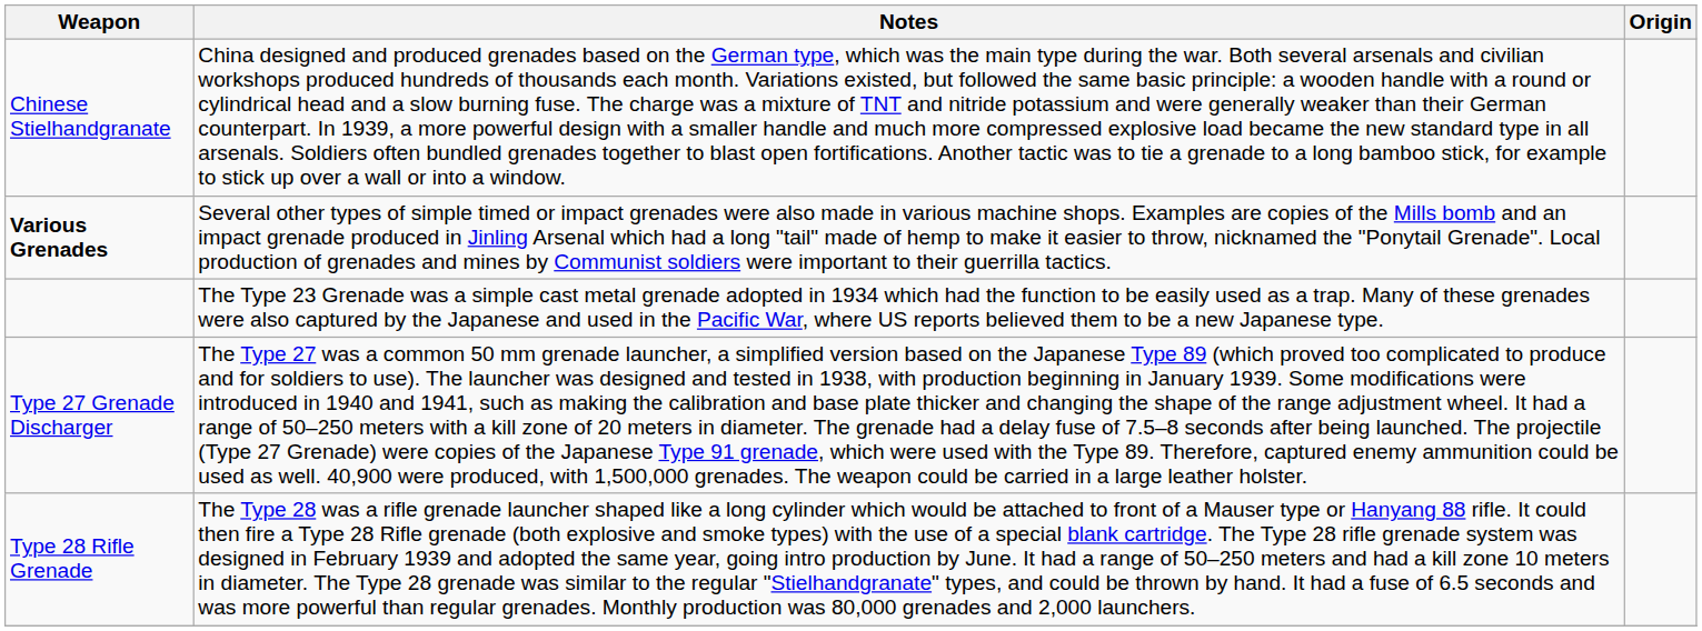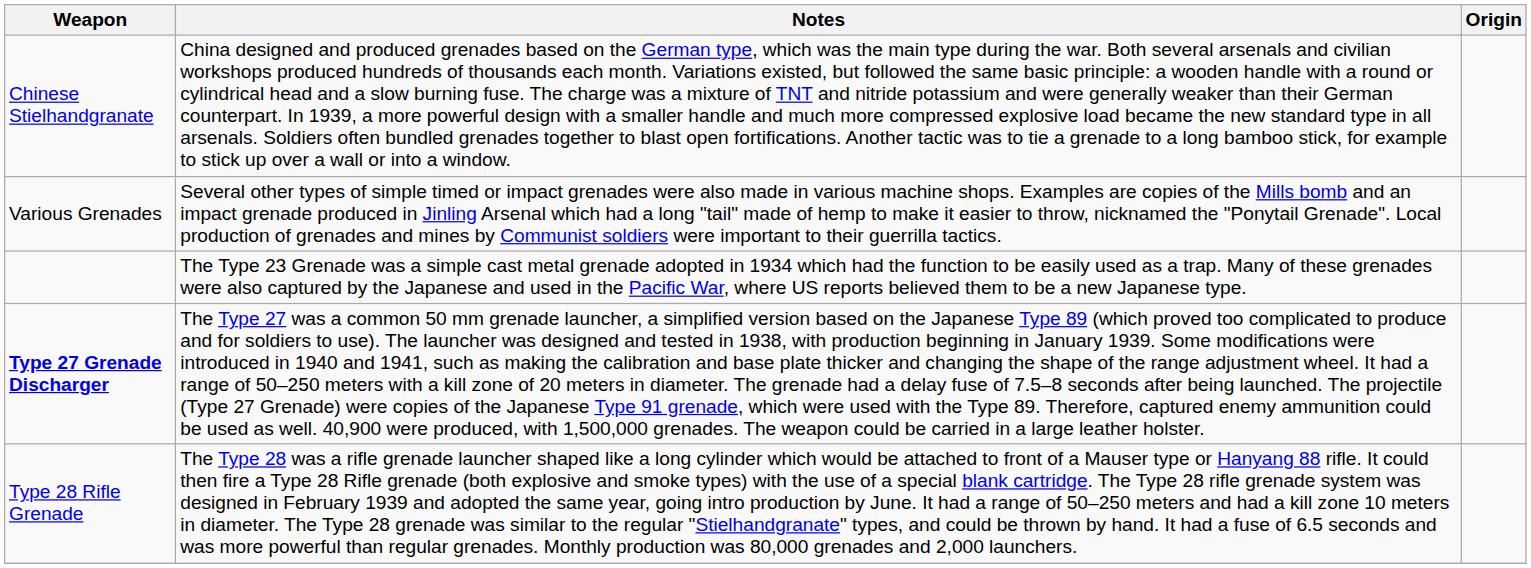 <table class="wikitable sortable" style="font-size:98%;">
 <tr>
 <th>Weapon</th>
 <th>Notes</th>
 <th>Origin</th>
 </tr>
 <tr>
 <td><a href='#'>Chinese Stielhandgranate</a></td>
 <td>China designed and produced grenades based on the <a href='#'>German type</a>, which was the main type during the war. Both several arsenals and civilian workshops produced hundreds of thousands each month. Variations existed, but followed the same basic principle: a wooden handle with a round or cylindrical head and a slow burning fuse. The charge was a mixture of <a href='#'>TNT</a> and nitride potassium and were generally weaker than their German counterpart. In 1939, a more powerful design with a smaller handle and much more compressed explosive load became the new standard type in all arsenals. Soldiers often bundled grenades together to blast open fortifications. Another tactic was to tie a grenade to a long bamboo stick, for example to stick up over a wall or into a window.</td>
 <td><br></td>
 </tr>
 <tr>
-<td><strong>Various Grenades</strong></td>
+<td>Various Grenades</td>
 <td>Several other types of simple timed or impact grenades were also made in various machine shops. Examples are copies of the <a href='#'>Mills bomb</a> and an impact grenade produced in <a href='#'>Jinling</a> Arsenal which had a long "tail" made of hemp to make it easier to throw, nicknamed the "Ponytail Grenade". Local production of grenades and mines by <a href='#'>Communist soldiers</a> were important to their guerrilla tactics.</td>
 <td></td>
 </tr>
 <tr>
 <td></td>
 <td>The Type 23 Grenade was a simple cast metal grenade adopted in 1934 which had the function to be easily used as a trap. Many of these grenades were also captured by the Japanese and used in the <a href='#'>Pacific War</a>, where US reports believed them to be a new Japanese type.</td>
 <td></td>
 </tr>
 <tr>
-<td><a href='#'>Type 27 Grenade Discharger</a></td>
+<td><strong><a href='#'>Type 27 Grenade Discharger</a></strong></td>
 <td>The <a href='#'>Type 27</a> was a common 50 mm grenade launcher, a simplified version based on the Japanese <a href='#'>Type 89</a> (which proved too complicated to produce and for soldiers to use). The launcher was designed and tested in 1938, with production beginning in January 1939. Some modifications were introduced in 1940 and 1941, such as making the calibration and base plate thicker and changing the shape of the range adjustment wheel. It had a range of 50–250 meters with a kill zone of 20 meters in diameter. The grenade had a delay fuse of 7.5–8 seconds after being launched. The projectile (Type 27 Grenade) were copies of the Japanese <a href='#'>Type 91 grenade</a>, which were used with the Type 89. Therefore, captured enemy ammunition could be used as well. 40,900 were produced, with 1,500,000 grenades. The weapon could be carried in a large leather holster.</td>
 <td><br></td>
 </tr>
 <tr>
 <td><a href='#'>Type 28 Rifle Grenade</a></td>
 <td>The <a href='#'>Type 28</a> was a rifle grenade launcher shaped like a long cylinder which would be attached to front of a Mauser type or <a href='#'>Hanyang 88</a> rifle. It could then fire a Type 28 Rifle grenade (both explosive and smoke types) with the use of a special <a href='#'>blank cartridge</a>. The Type 28 rifle grenade system was designed in February 1939 and adopted the same year, going intro production by June. It had a range of 50–250 meters and had a kill zone 10 meters in diameter. The Type 28 grenade was similar to the regular "<a href='#'>Stielhandgranate</a>" types, and could be thrown by hand. It had a fuse of 6.5 seconds and was more powerful than regular grenades. Monthly production was 80,000 grenades and 2,000 launchers.</td>
 <td></td>
 </tr>
 <tr>
 </tr>
 </table>
